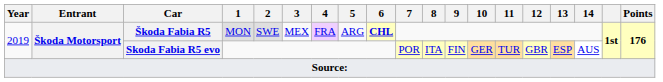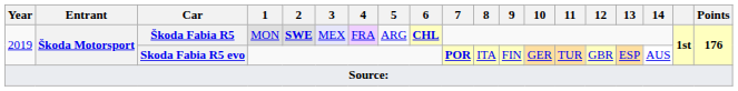 <table class="wikitable" border="1" style="text-align:center; font-size:85%;">
 <tr>
 <th>Year</th>
 <th>Entrant</th>
 <th>Car</th>
 <th>1</th>
 <th>2</th>
 <th>3</th>
 <th>4</th>
 <th>5</th>
 <th>6</th>
 <th>7</th>
 <th>8</th>
 <th>9</th>
 <th>10</th>
 <th>11</th>
 <th>12</th>
 <th>13</th>
 <th>14</th>
 <th></th>
 <th>Points</th>
 </tr>
 <tr>
 <td rowspan="2"><a href='#'>2019</a></td>
 <th rowspan="2" nowrap><a href='#'>Škoda Motorsport</a></th>
 <th nowrap><a href='#'>Škoda Fabia R5</a></th>
 <td style="background:#DFDFDF"><a href='#'>MON</a><br></td>
-<td style="background:#DFDFDF"><a href='#'>SWE</a><br></td>
-<td><a href='#'>MEX</a></td>
+<td style="background:#DFDFDF"><strong><a href='#'>SWE</a><br></strong></td>
+<td style="background: lavender;"><a href='#'>MEX</a></td>
 <td style="background:#EFCFFF"><a href='#'>FRA</a><br></td>
 <td><a href='#'>ARG</a></td>
 <td style="background:#FFFFBF"><strong><a href='#'>CHL</a><br></strong></td>
 <td colspan=8></td>
 <th style="background:#FFFFBF" rowspan="2">1st</th>
 <th style="background:#FFFFBF" rowspan="2">176</th>
 </tr>
 <tr>
 <th nowrap><a href='#'>Skoda Fabia R5 evo</a></th>
 <td colspan=6></td>
-<td style="background:#FFFFBF"><a href='#'>POR</a><br></td>
+<td style="background:#FFFFBF"><strong><a href='#'>POR</a><br></strong></td>
 <td style="background:#FFFFBF"><a href='#'>ITA</a><br></td>
 <td style="background:#FFFFBF"><a href='#'>FIN</a><br></td>
 <td style="background:#FFDF9F"><a href='#'>GER</a><br></td>
 <td style="background:#FFDF9F"><a href='#'>TUR</a><br></td>
 <td style="background:#FFFFBF"><a href='#'>GBR</a><br></td>
 <td style="background:#FFDF9F"><a href='#'>ESP</a><br></td>
 <td style="background:white"><a href='#'>AUS</a><br></td>
 </tr>
 <tr>
 <td colspan="19" style="background-color:#EAECF0;text-align:center"><strong>Source:</strong></td>
 </tr>
 </table>
